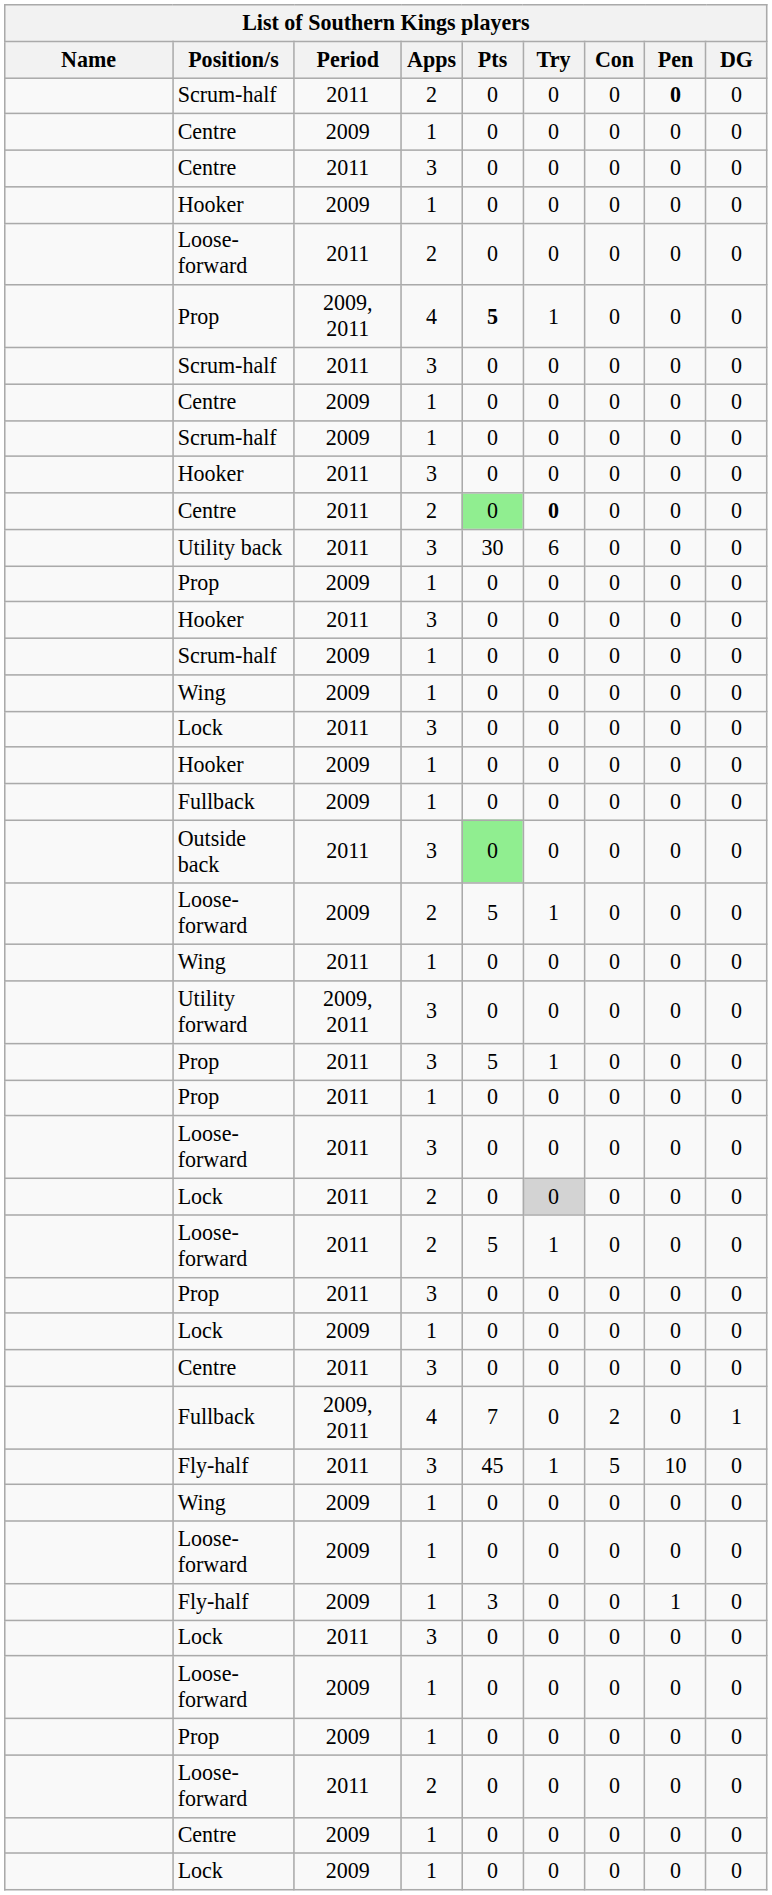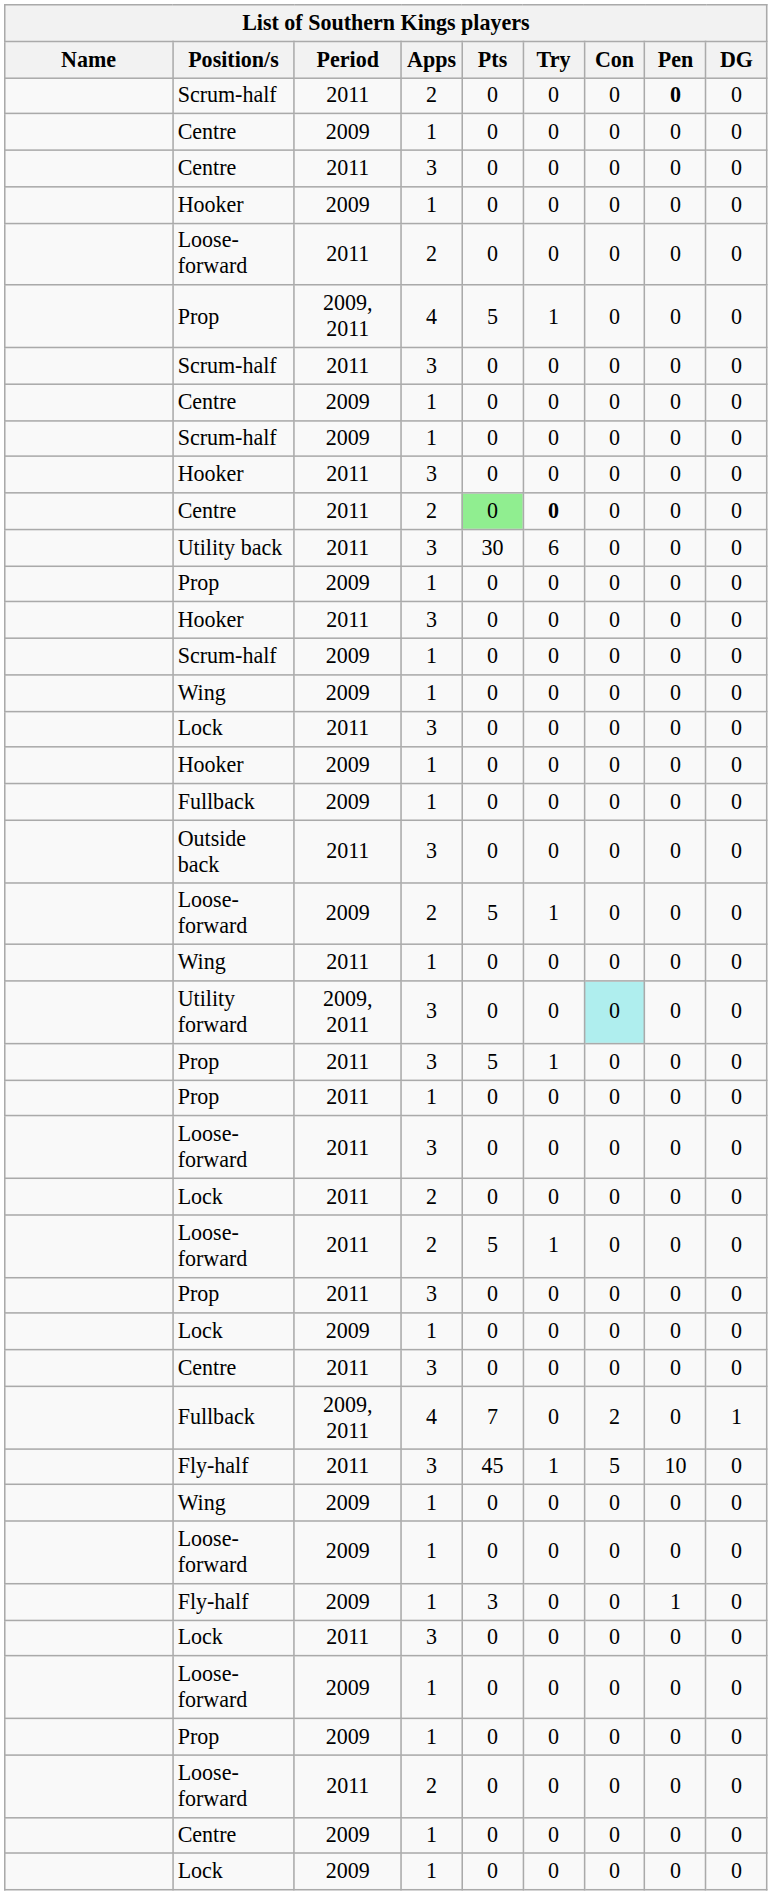 <table class="wikitable sortable" style="text-align:center; font-size:90%; width:80%">
 <tr>
 <th colspan="100%">List of Southern Kings players</th>
 </tr>
 <tr>
 <th style="width:22%;">Name</th>
 <th style="width:16%;">Position/s</th>
 <th style="width:14%;">Period</th>
 <th style="width:8%;">Apps</th>
 <th style="width:8%;">Pts</th>
 <th style="width:8%;">Try</th>
 <th style="width:8%;">Con</th>
 <th style="width:8%;">Pen</th>
 <th style="width:8%;">DG</th>
 </tr>
 <tr>
 <td align=left></td>
 <td align=left>Scrum-half</td>
 <td>2011</td>
 <td>2</td>
 <td>0</td>
 <td>0</td>
 <td>0</td>
 <td><strong>0</strong></td>
 <td>0</td>
 </tr>
 <tr>
 <td align=left></td>
 <td align=left>Centre</td>
 <td>2009</td>
 <td>1</td>
 <td>0</td>
 <td>0</td>
 <td>0</td>
 <td>0</td>
 <td>0</td>
 </tr>
 <tr>
 <td align=left></td>
 <td align=left>Centre</td>
 <td>2011</td>
 <td>3</td>
 <td>0</td>
 <td>0</td>
 <td>0</td>
 <td>0</td>
 <td>0</td>
 </tr>
 <tr>
 <td align=left></td>
 <td align=left>Hooker</td>
 <td>2009</td>
 <td>1</td>
 <td>0</td>
 <td>0</td>
 <td>0</td>
 <td>0</td>
 <td>0</td>
 </tr>
 <tr>
 <td align=left></td>
 <td align=left>Loose-forward</td>
 <td>2011</td>
 <td>2</td>
 <td>0</td>
 <td>0</td>
 <td>0</td>
 <td>0</td>
 <td>0</td>
 </tr>
 <tr>
 <td align=left></td>
 <td align=left>Prop</td>
 <td>2009, 2011</td>
 <td>4</td>
-<td><strong>5</strong></td>
+<td>5</td>
 <td>1</td>
 <td>0</td>
 <td>0</td>
 <td>0</td>
 </tr>
 <tr>
 <td align=left></td>
 <td align=left>Scrum-half</td>
 <td>2011</td>
 <td>3</td>
 <td>0</td>
 <td>0</td>
 <td>0</td>
 <td>0</td>
 <td>0</td>
 </tr>
 <tr>
 <td align=left></td>
 <td align=left>Centre</td>
 <td>2009</td>
 <td>1</td>
 <td>0</td>
 <td>0</td>
 <td>0</td>
 <td>0</td>
 <td>0</td>
 </tr>
 <tr>
 <td align=left></td>
 <td align=left>Scrum-half</td>
 <td>2009</td>
 <td>1</td>
 <td>0</td>
 <td>0</td>
 <td>0</td>
 <td>0</td>
 <td>0</td>
 </tr>
 <tr>
 <td align=left></td>
 <td align=left>Hooker</td>
 <td>2011</td>
 <td>3</td>
 <td>0</td>
 <td>0</td>
 <td>0</td>
 <td>0</td>
 <td>0</td>
 </tr>
 <tr>
 <td align=left></td>
 <td align=left>Centre</td>
 <td>2011</td>
 <td>2</td>
 <td style="background: lightgreen;">0</td>
 <td><strong>0</strong></td>
 <td>0</td>
 <td>0</td>
 <td>0</td>
 </tr>
 <tr>
 <td align=left></td>
 <td align=left>Utility back</td>
 <td>2011</td>
 <td>3</td>
 <td>30</td>
 <td>6</td>
 <td>0</td>
 <td>0</td>
 <td>0</td>
 </tr>
 <tr>
 <td align=left></td>
 <td align=left>Prop</td>
 <td>2009</td>
 <td>1</td>
 <td>0</td>
 <td>0</td>
 <td>0</td>
 <td>0</td>
 <td>0</td>
 </tr>
 <tr>
 <td align=left></td>
 <td align=left>Hooker</td>
 <td>2011</td>
 <td>3</td>
 <td>0</td>
 <td>0</td>
 <td>0</td>
 <td>0</td>
 <td>0</td>
 </tr>
 <tr>
 <td align=left></td>
 <td align=left>Scrum-half</td>
 <td>2009</td>
 <td>1</td>
 <td>0</td>
 <td>0</td>
 <td>0</td>
 <td>0</td>
 <td>0</td>
 </tr>
 <tr>
 <td align=left></td>
 <td align=left>Wing</td>
 <td>2009</td>
 <td>1</td>
 <td>0</td>
 <td>0</td>
 <td>0</td>
 <td>0</td>
 <td>0</td>
 </tr>
 <tr>
 <td align=left></td>
 <td align=left>Lock</td>
 <td>2011</td>
 <td>3</td>
 <td>0</td>
 <td>0</td>
 <td>0</td>
 <td>0</td>
 <td>0</td>
 </tr>
 <tr>
 <td align=left></td>
 <td align=left>Hooker</td>
 <td>2009</td>
 <td>1</td>
 <td>0</td>
 <td>0</td>
 <td>0</td>
 <td>0</td>
 <td>0</td>
 </tr>
 <tr>
 <td align=left></td>
 <td align=left>Fullback</td>
 <td>2009</td>
 <td>1</td>
 <td>0</td>
 <td>0</td>
 <td>0</td>
 <td>0</td>
 <td>0</td>
 </tr>
 <tr>
 <td align=left></td>
 <td align=left>Outside back</td>
 <td>2011</td>
 <td>3</td>
-<td style="background: lightgreen;">0</td>
+<td>0</td>
 <td>0</td>
 <td>0</td>
 <td>0</td>
 <td>0</td>
 </tr>
 <tr>
 <td align=left></td>
 <td align=left>Loose-forward</td>
 <td>2009</td>
 <td>2</td>
 <td>5</td>
 <td>1</td>
 <td>0</td>
 <td>0</td>
 <td>0</td>
 </tr>
 <tr>
 <td align=left></td>
 <td align=left>Wing</td>
 <td>2011</td>
 <td>1</td>
 <td>0</td>
 <td>0</td>
 <td>0</td>
 <td>0</td>
 <td>0</td>
 </tr>
 <tr>
 <td align=left></td>
 <td align=left>Utility forward</td>
 <td>2009, 2011</td>
 <td>3</td>
 <td>0</td>
 <td>0</td>
-<td>0</td>
+<td style="background: paleturquoise;">0</td>
 <td>0</td>
 <td>0</td>
 </tr>
 <tr>
 <td align=left></td>
 <td align=left>Prop</td>
 <td>2011</td>
 <td>3</td>
 <td>5</td>
 <td>1</td>
 <td>0</td>
 <td>0</td>
 <td>0</td>
 </tr>
 <tr>
 <td align=left></td>
 <td align=left>Prop</td>
 <td>2011</td>
 <td>1</td>
 <td>0</td>
 <td>0</td>
 <td>0</td>
 <td>0</td>
 <td>0</td>
 </tr>
 <tr>
 <td align=left></td>
 <td align=left>Loose-forward</td>
 <td>2011</td>
 <td>3</td>
 <td>0</td>
 <td>0</td>
 <td>0</td>
 <td>0</td>
 <td>0</td>
 </tr>
 <tr>
 <td align=left></td>
 <td align=left>Lock</td>
 <td>2011</td>
 <td>2</td>
 <td>0</td>
-<td style="background: lightgrey;">0</td>
+<td>0</td>
 <td>0</td>
 <td>0</td>
 <td>0</td>
 </tr>
 <tr>
 <td align=left></td>
 <td align=left>Loose-forward</td>
 <td>2011</td>
 <td>2</td>
 <td>5</td>
 <td>1</td>
 <td>0</td>
 <td>0</td>
 <td>0</td>
 </tr>
 <tr>
 <td align=left></td>
 <td align=left>Prop</td>
 <td>2011</td>
 <td>3</td>
 <td>0</td>
 <td>0</td>
 <td>0</td>
 <td>0</td>
 <td>0</td>
 </tr>
 <tr>
 <td align=left></td>
 <td align=left>Lock</td>
 <td>2009</td>
 <td>1</td>
 <td>0</td>
 <td>0</td>
 <td>0</td>
 <td>0</td>
 <td>0</td>
 </tr>
 <tr>
 <td align=left></td>
 <td align=left>Centre</td>
 <td>2011</td>
 <td>3</td>
 <td>0</td>
 <td>0</td>
 <td>0</td>
 <td>0</td>
 <td>0</td>
 </tr>
 <tr>
 <td align=left></td>
 <td align=left>Fullback</td>
 <td>2009, 2011</td>
 <td>4</td>
 <td>7</td>
 <td>0</td>
 <td>2</td>
 <td>0</td>
 <td>1</td>
 </tr>
 <tr>
 <td align=left></td>
 <td align=left>Fly-half</td>
 <td>2011</td>
 <td>3</td>
 <td>45</td>
 <td>1</td>
 <td>5</td>
 <td>10</td>
 <td>0</td>
 </tr>
 <tr>
 <td align=left></td>
 <td align=left>Wing</td>
 <td>2009</td>
 <td>1</td>
 <td>0</td>
 <td>0</td>
 <td>0</td>
 <td>0</td>
 <td>0</td>
 </tr>
 <tr>
 <td align=left></td>
 <td align=left>Loose-forward</td>
 <td>2009</td>
 <td>1</td>
 <td>0</td>
 <td>0</td>
 <td>0</td>
 <td>0</td>
 <td>0</td>
 </tr>
 <tr>
 <td align=left></td>
 <td align=left>Fly-half</td>
 <td>2009</td>
 <td>1</td>
 <td>3</td>
 <td>0</td>
 <td>0</td>
 <td>1</td>
 <td>0</td>
 </tr>
 <tr>
 <td align=left></td>
 <td align=left>Lock</td>
 <td>2011</td>
 <td>3</td>
 <td>0</td>
 <td>0</td>
 <td>0</td>
 <td>0</td>
 <td>0</td>
 </tr>
 <tr>
 <td align=left></td>
 <td align=left>Loose-forward</td>
 <td>2009</td>
 <td>1</td>
 <td>0</td>
 <td>0</td>
 <td>0</td>
 <td>0</td>
 <td>0</td>
 </tr>
 <tr>
 <td align=left></td>
 <td align=left>Prop</td>
 <td>2009</td>
 <td>1</td>
 <td>0</td>
 <td>0</td>
 <td>0</td>
 <td>0</td>
 <td>0</td>
 </tr>
 <tr>
 <td align=left></td>
 <td align=left>Loose-forward</td>
 <td>2011</td>
 <td>2</td>
 <td>0</td>
 <td>0</td>
 <td>0</td>
 <td>0</td>
 <td>0</td>
 </tr>
 <tr>
 <td align=left></td>
 <td align=left>Centre</td>
 <td>2009</td>
 <td>1</td>
 <td>0</td>
 <td>0</td>
 <td>0</td>
 <td>0</td>
 <td>0</td>
 </tr>
 <tr>
 <td align=left></td>
 <td align=left>Lock</td>
 <td>2009</td>
 <td>1</td>
 <td>0</td>
 <td>0</td>
 <td>0</td>
 <td>0</td>
 <td>0</td>
 </tr>
 </table>
